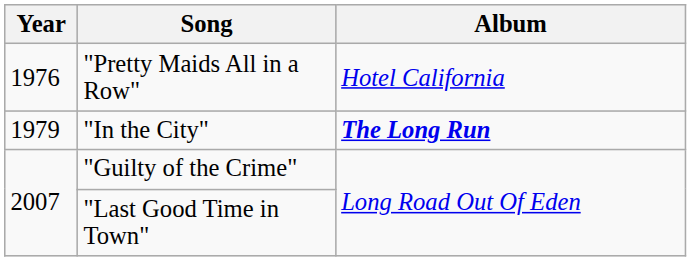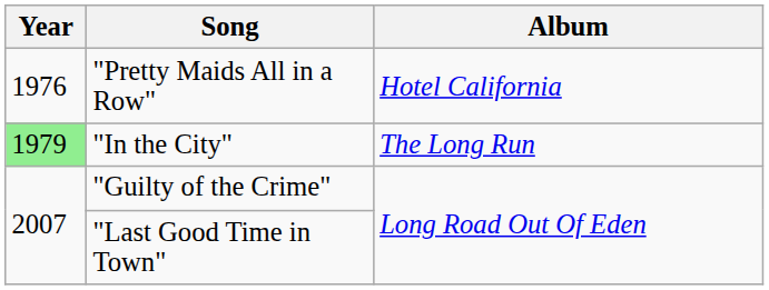 <table class="wikitable">
 <tr>
 <th width="40">Year</th>
 <th width="160">Song</th>
 <th width="220">Album</th>
 </tr>
 <tr>
 <td>1976</td>
 <td>"Pretty Maids All in a Row"</td>
 <td><em><a href='#'>Hotel California</a></em></td>
 </tr>
 <tr>
-<td>1979</td>
+<td style="background: lightgreen;">1979</td>
 <td>"In the City"</td>
-<td><strong><em><a href='#'>The Long Run</a></em></strong></td>
+<td><em><a href='#'>The Long Run</a></em></td>
 </tr>
 <tr>
 <td rowspan="2">2007</td>
 <td>"Guilty of the Crime"</td>
 <td rowspan="2"><em><a href='#'>Long Road Out Of Eden</a></em></td>
 </tr>
 <tr>
 <td>"Last Good Time in Town"</td>
 </tr>
 </table>
